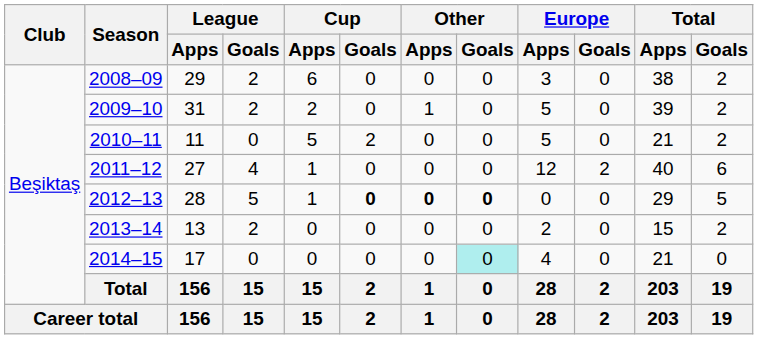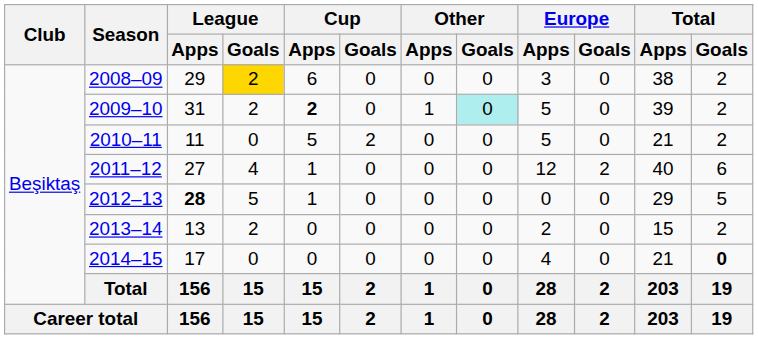 <table class="wikitable" style="text-align:center">
 <tr>
 <th rowspan="2">Club</th>
 <th rowspan="2">Season</th>
 <th colspan="2">League</th>
 <th colspan="2">Cup</th>
 <th colspan="2">Other</th>
 <th colspan="2"><a href='#'>Europe</a></th>
 <th colspan="2">Total</th>
 </tr>
 <tr>
 <th>Apps</th>
 <th>Goals</th>
 <th>Apps</th>
 <th>Goals</th>
 <th>Apps</th>
 <th>Goals</th>
 <th>Apps</th>
 <th>Goals</th>
 <th>Apps</th>
 <th>Goals</th>
 </tr>
 <tr>
 <td rowspan="8"><a href='#'>Beşiktaş</a></td>
 <td><a href='#'>2008–09</a></td>
 <td>29</td>
-<td>2</td>
+<td style="background: gold;">2</td>
 <td>6</td>
 <td>0</td>
 <td>0</td>
 <td>0</td>
 <td>3</td>
 <td>0</td>
 <td>38</td>
 <td>2</td>
 </tr>
 <tr>
 <td><a href='#'>2009–10</a></td>
 <td>31</td>
 <td>2</td>
-<td>2</td>
+<td><strong>2</strong></td>
 <td>0</td>
 <td>1</td>
-<td>0</td>
+<td style="background: paleturquoise;">0</td>
 <td>5</td>
 <td>0</td>
 <td>39</td>
 <td>2</td>
 </tr>
 <tr>
 <td><a href='#'>2010–11</a></td>
 <td>11</td>
 <td>0</td>
 <td>5</td>
 <td>2</td>
 <td>0</td>
 <td>0</td>
 <td>5</td>
 <td>0</td>
 <td>21</td>
 <td>2</td>
 </tr>
 <tr>
 <td><a href='#'>2011–12</a></td>
 <td>27</td>
 <td>4</td>
 <td>1</td>
 <td>0</td>
 <td>0</td>
 <td>0</td>
 <td>12</td>
 <td>2</td>
 <td>40</td>
 <td>6</td>
 </tr>
 <tr>
 <td><a href='#'>2012–13</a></td>
-<td>28</td>
+<td><strong>28</strong></td>
 <td>5</td>
 <td>1</td>
-<td><strong>0</strong></td>
-<td><strong>0</strong></td>
-<td><strong>0</strong></td>
+<td>0</td>
+<td>0</td>
+<td>0</td>
 <td>0</td>
 <td>0</td>
 <td>29</td>
 <td>5</td>
 </tr>
 <tr>
 <td><a href='#'>2013–14</a></td>
 <td>13</td>
 <td>2</td>
 <td>0</td>
 <td>0</td>
 <td>0</td>
 <td>0</td>
 <td>2</td>
 <td>0</td>
 <td>15</td>
 <td>2</td>
 </tr>
 <tr>
 <td><a href='#'>2014–15</a></td>
 <td>17</td>
 <td>0</td>
 <td>0</td>
 <td>0</td>
 <td>0</td>
-<td style="background: paleturquoise;">0</td>
+<td>0</td>
 <td>4</td>
 <td>0</td>
 <td>21</td>
-<td>0</td>
+<td><strong>0</strong></td>
 </tr>
 <tr>
 <th>Total</th>
 <th>156</th>
 <th>15</th>
 <th>15</th>
 <th>2</th>
 <th>1</th>
 <th>0</th>
 <th>28</th>
 <th>2</th>
 <th>203</th>
 <th>19</th>
 </tr>
 <tr>
 <th colspan="2">Career total</th>
 <th>156</th>
 <th>15</th>
 <th>15</th>
 <th>2</th>
 <th>1</th>
 <th>0</th>
 <th>28</th>
 <th>2</th>
 <th>203</th>
 <th>19</th>
 </tr>
 </table>
